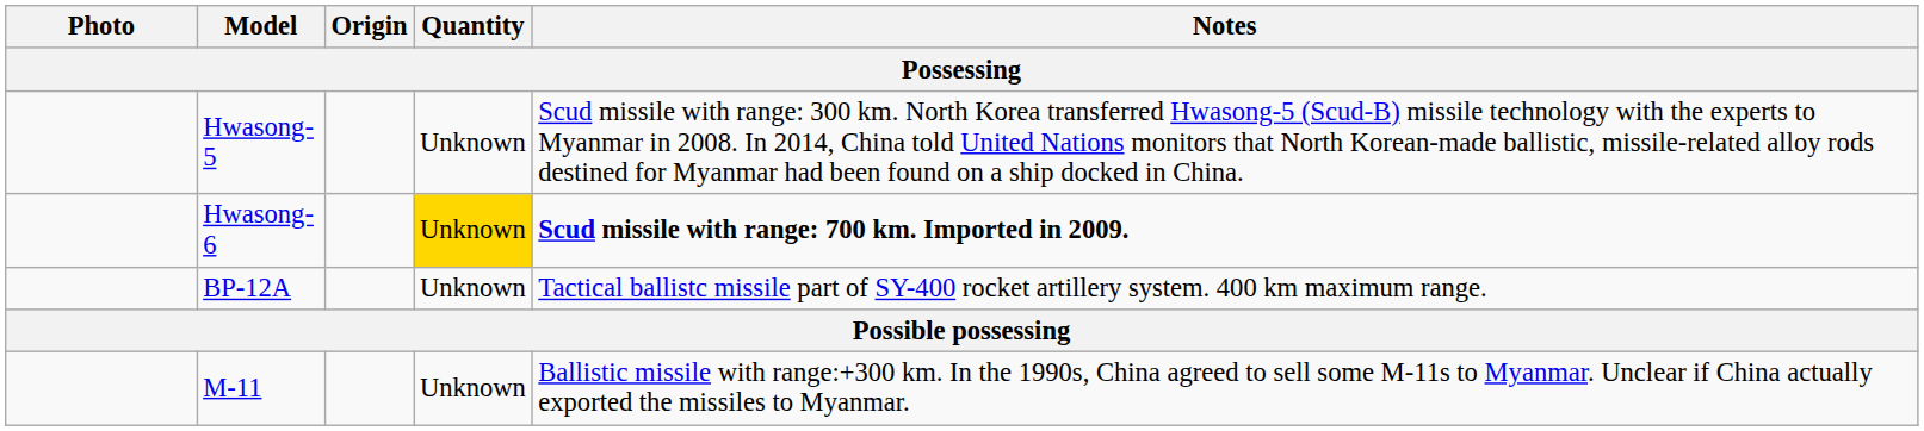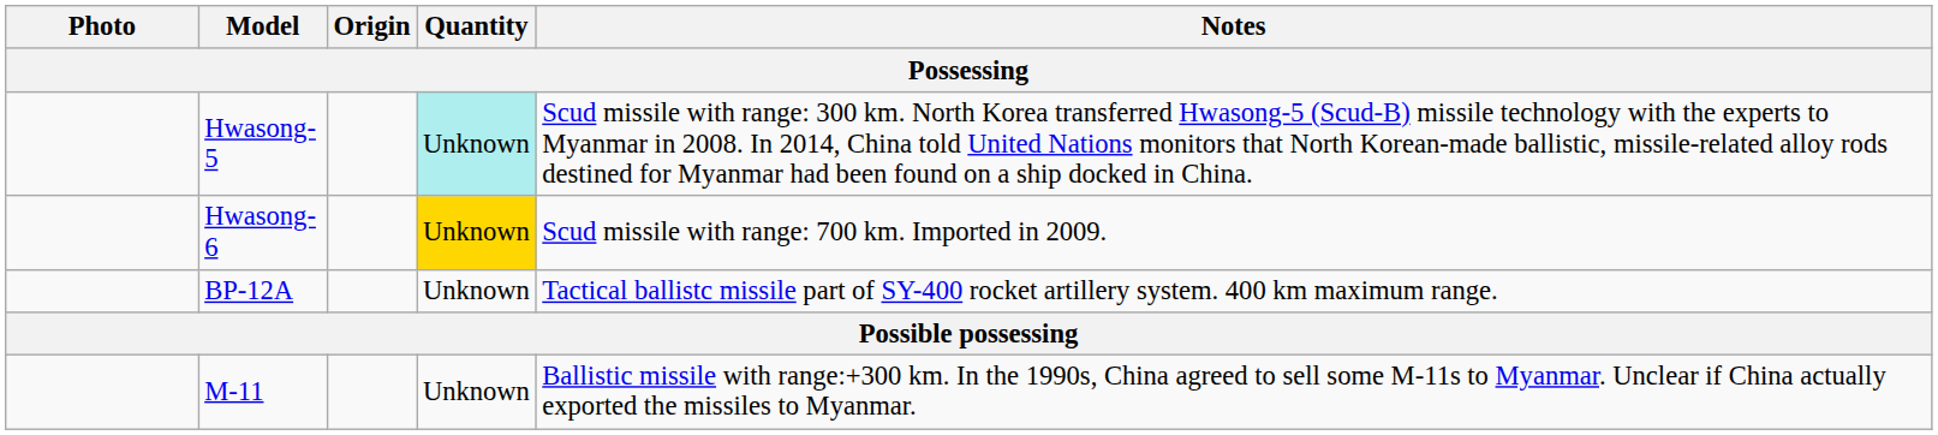 <table class="wikitable" style="width:90%;">
 <tr>
 <th width="10%">Photo</th>
 <th>Model</th>
 <th>Origin</th>
 <th>Quantity</th>
 <th>Notes</th>
 </tr>
 <tr>
 <th colspan="8">Possessing</th>
 </tr>
 <tr>
 <td></td>
 <td><a href='#'>Hwasong-5</a></td>
 <td></td>
-<td>Unknown</td>
+<td style="background: paleturquoise;">Unknown</td>
 <td><a href='#'>Scud</a> missile with range: 300 km. North Korea transferred <a href='#'>Hwasong-5 (Scud-B)</a> missile technology with the experts to Myanmar in 2008. In 2014, China told <a href='#'>United Nations</a> monitors that North Korean-made ballistic, missile-related alloy rods destined for Myanmar had been found on a ship docked in China.</td>
 </tr>
 <tr>
 <td></td>
 <td><a href='#'>Hwasong-6</a></td>
 <td></td>
 <td style="background: gold;">Unknown</td>
-<td><strong><a href='#'>Scud</a> missile with range: 700 km. Imported in 2009.</strong></td>
+<td><a href='#'>Scud</a> missile with range: 700 km. Imported in 2009.</td>
 </tr>
 <tr>
 <td></td>
 <td><a href='#'>BP-12A</a></td>
 <td></td>
 <td>Unknown</td>
 <td><a href='#'>Tactical ballistc missile</a> part of <a href='#'>SY-400</a> rocket artillery system. 400 km maximum range.</td>
 </tr>
 <tr>
 <th colspan="8">Possible possessing</th>
 </tr>
 <tr>
 <td></td>
 <td><a href='#'>M-11</a></td>
 <td></td>
 <td>Unknown</td>
 <td><a href='#'>Ballistic missile</a> with range:+300 km. In the 1990s, China agreed to sell some M-11s to <a href='#'>Myanmar</a>. Unclear if China actually exported the missiles to Myanmar.</td>
 </tr>
 </table>
